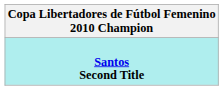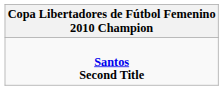 <table class="wikitable" style="text-align: center; margin: 0 auto;">
 <tr>
 <th>Copa Libertadores de Fútbol Femenino<br>2010 Champion</th>
 </tr>
 <tr>
-<td style="background: paleturquoise;"><br><strong><a href='#'>Santos</a></strong><br><strong>Second Title</strong></td>
+<td><br><strong><a href='#'>Santos</a></strong><br><strong>Second Title</strong></td>
 </tr>
 </table>
